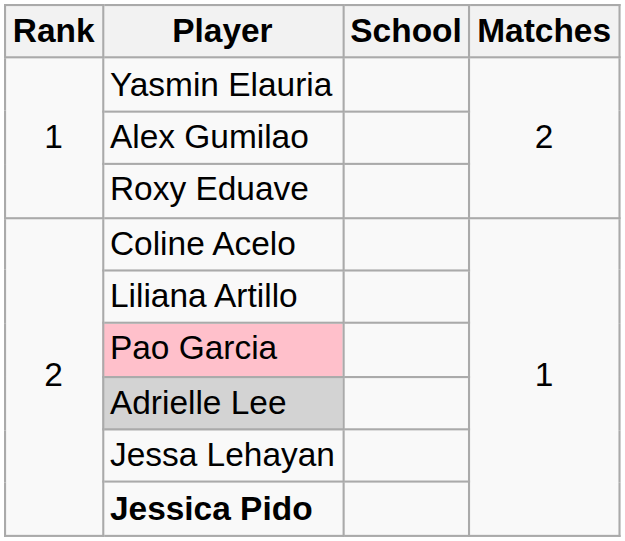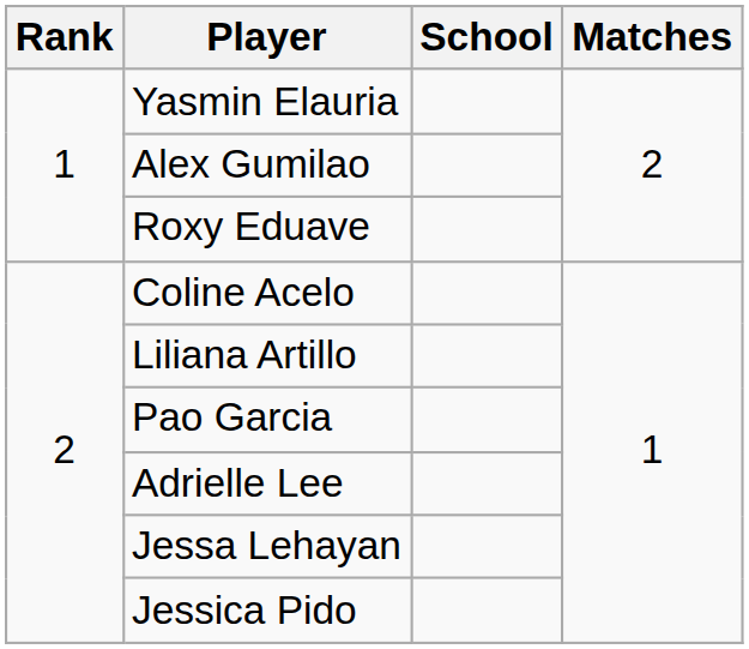 <table class="wikitable">
 <tr>
 <th>Rank</th>
 <th>Player</th>
 <th>School</th>
 <th>Matches</th>
 </tr>
 <tr>
 <td rowspan=3 style="text-align:center;">1</td>
 <td> Yasmin Elauria</td>
 <td></td>
 <td rowspan=3 style="text-align:center;">2</td>
 </tr>
 <tr>
 <td> Alex Gumilao</td>
 <td></td>
 </tr>
 <tr>
 <td> Roxy Eduave</td>
 <td></td>
 </tr>
 <tr>
 <td rowspan=6 style="text-align:center;">2</td>
 <td> Coline Acelo</td>
 <td></td>
 <td rowspan=6 style="text-align:center;">1</td>
 </tr>
 <tr>
 <td> Liliana Artillo</td>
 <td></td>
 </tr>
 <tr>
-<td style="background: pink;"> Pao Garcia</td>
+<td> Pao Garcia</td>
 <td></td>
 </tr>
 <tr>
-<td style="background: lightgrey;"> Adrielle Lee</td>
+<td> Adrielle Lee</td>
 <td></td>
 </tr>
 <tr>
 <td> Jessa Lehayan</td>
 <td></td>
 </tr>
 <tr>
-<td><strong> Jessica Pido</strong></td>
+<td> Jessica Pido</td>
 <td></td>
 </tr>
 </table>
